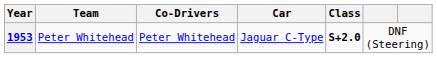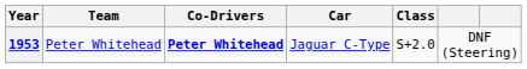 <table class="wikitable" style="text-align:center; font-size:90%">
 <tr>
 <th>Year</th>
 <th>Team</th>
 <th>Co-Drivers</th>
 <th>Car</th>
 <th>Class</th>
 <th></th>
 <th></th>
 </tr>
 <tr>
 <th><a href='#'>1953</a></th>
 <td align="left"> <a href='#'>Peter Whitehead</a></td>
-<td align="left"> <a href='#'>Peter Whitehead</a></td>
+<td align="left"><strong> <a href='#'>Peter Whitehead</a></strong></td>
 <td align="left"><a href='#'>Jaguar C-Type</a></td>
-<td><strong>S+2.0</strong></td>
+<td>S+2.0</td>
 <td colspan=2>DNF<br>(Steering)</td>
 </tr>
 </table>
